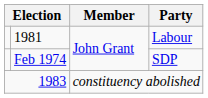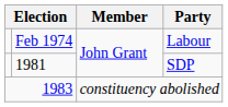 <table class="wikitable">
 <tr>
 <th colspan="2">Election</th>
 <th>Member</th>
 <th>Party</th>
 </tr>
 <tr>
 <td style="color:inherit;background-color: "></td>
-<td>1981</td>
+<td><a href='#'>Feb 1974</a></td>
 <td rowspan="2"><a href='#'>John Grant</a></td>
 <td><a href='#'>Labour</a></td>
 </tr>
 <tr>
 <td style="color:inherit;background-color: "></td>
-<td><a href='#'>Feb 1974</a></td>
+<td>1981</td>
 <td><a href='#'>SDP</a></td>
 </tr>
 <tr>
 <td colspan=2 align="right"><a href='#'>1983</a></td>
 <td colspan="2"><em>constituency abolished</em></td>
 </tr>
 </table>
